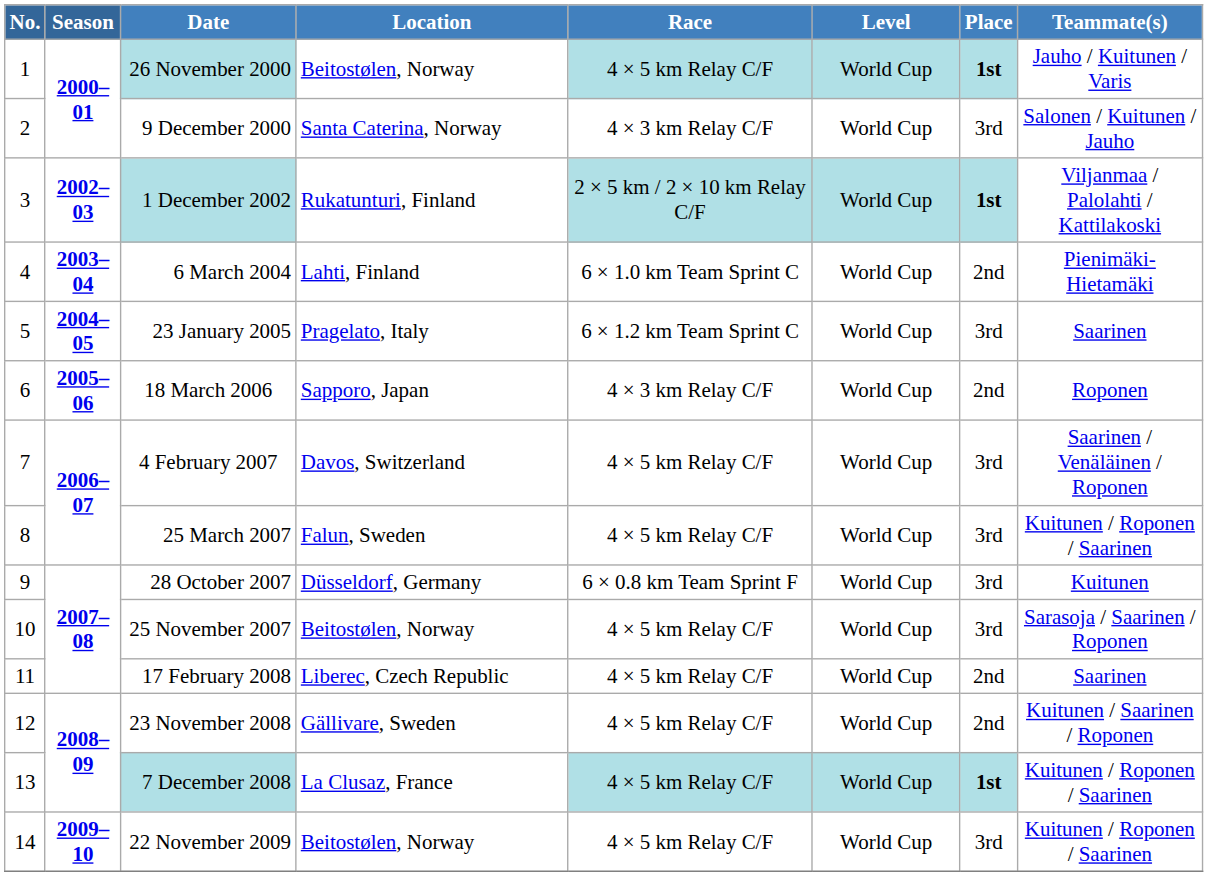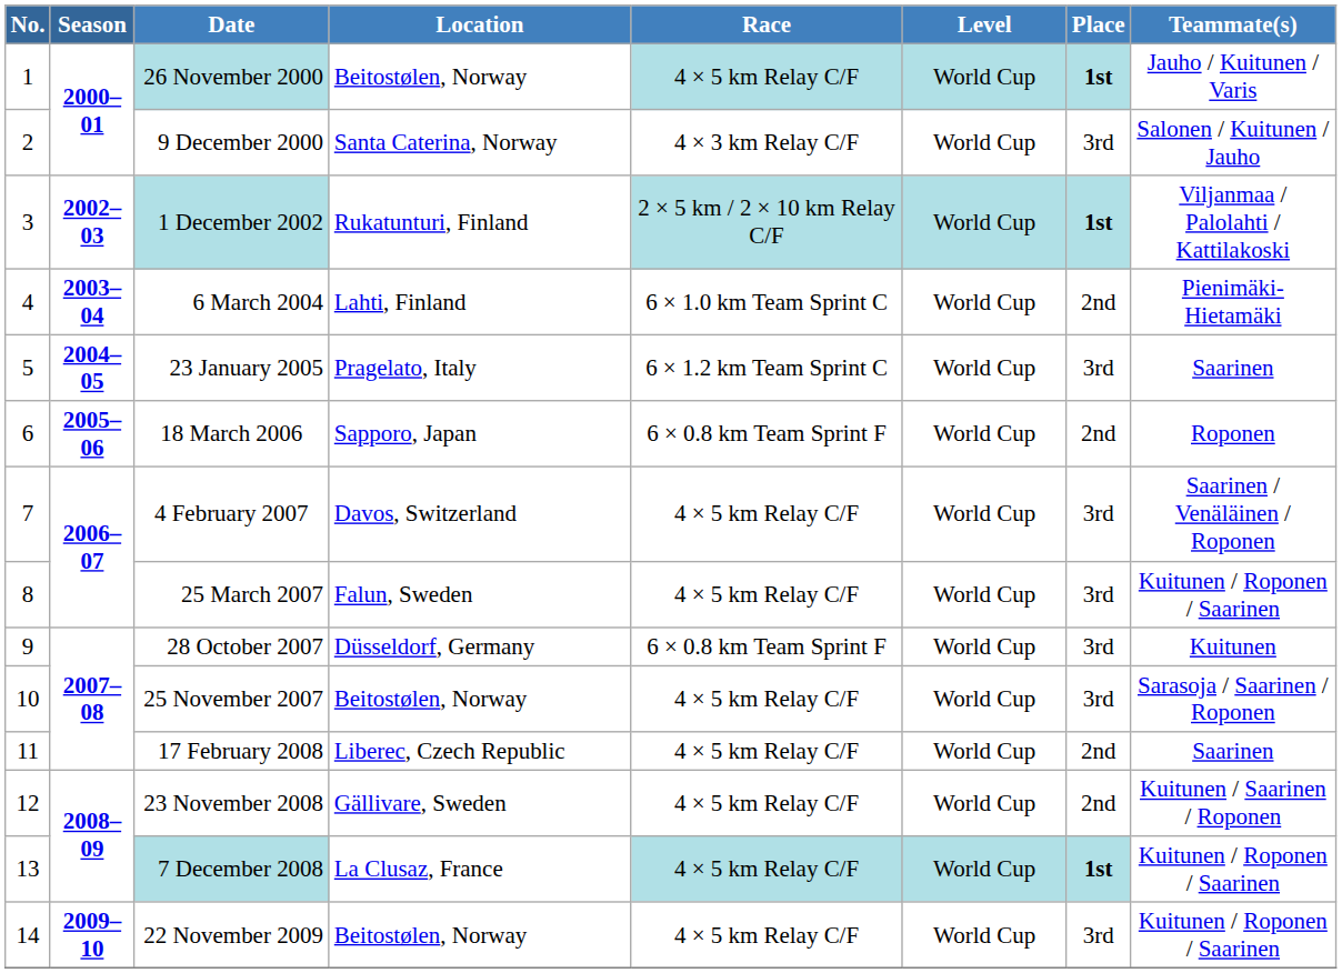 <table class="wikitable sortable" style="font-size:95%; text-align:center; border:grey solid 1px; border-collapse:collapse; background:#ffffff;">
 <tr style="background:#efefef;">
 <th style="background-color:#369; color:white;">No.</th>
 <th style="background-color:#369; color:white;">Season</th>
 <th style="background-color:#4180be; color:white; width:120px;">Date</th>
 <th style="background-color:#4180be; color:white; width:190px;">Location</th>
 <th style="background-color:#4180be; color:white; width:170px;">Race</th>
 <th style="background-color:#4180be; color:white; width:100px;">Level</th>
 <th style="background-color:#4180be; color:white;">Place</th>
 <th style="background-color:#4180be; color:white;">Teammate(s)</th>
 </tr>
 <tr>
 <td align=center>1</td>
 <td rowspan=2 align=center><strong><a href='#'>2000–01</a></strong></td>
 <td bgcolor="#BOEOE6" align=right>26 November 2000</td>
 <td align=left> <a href='#'>Beitostølen</a>, Norway</td>
 <td bgcolor="#BOEOE6">4 × 5 km Relay C/F</td>
 <td bgcolor="#BOEOE6">World Cup</td>
 <td bgcolor="#BOEOE6"><strong>1st</strong></td>
 <td><a href='#'>Jauho</a> / <a href='#'>Kuitunen</a> / <a href='#'>Varis</a></td>
 </tr>
 <tr>
 <td align=center>2</td>
 <td align=right>9 December 2000</td>
 <td align=left> <a href='#'>Santa Caterina</a>, Norway</td>
 <td>4 × 3 km Relay C/F</td>
 <td>World Cup</td>
 <td>3rd</td>
 <td><a href='#'>Salonen</a> / <a href='#'>Kuitunen</a> / <a href='#'>Jauho</a></td>
 </tr>
 <tr>
 <td align=center>3</td>
 <td rowspan=1 align=center><strong><a href='#'>2002–03</a></strong></td>
 <td bgcolor="#BOEOE6" align=right>1 December 2002</td>
 <td align=left> <a href='#'>Rukatunturi</a>, Finland</td>
 <td bgcolor="#BOEOE6">2 × 5 km / 2 × 10 km Relay C/F</td>
 <td bgcolor="#BOEOE6">World Cup</td>
 <td bgcolor="#BOEOE6"><strong>1st</strong></td>
 <td><a href='#'>Viljanmaa</a> / <a href='#'>Palolahti</a> / <a href='#'>Kattilakoski</a></td>
 </tr>
 <tr>
 <td align=center>4</td>
 <td rowspan=1 align=center><strong><a href='#'>2003–04</a></strong></td>
 <td align=right>6 March 2004</td>
 <td align=left> <a href='#'>Lahti</a>, Finland</td>
 <td>6 × 1.0 km Team Sprint C</td>
 <td>World Cup</td>
 <td>2nd</td>
 <td><a href='#'>Pienimäki-Hietamäki</a></td>
 </tr>
 <tr>
 <td align=center>5</td>
 <td rowspan=1 align=center><strong><a href='#'>2004–05</a></strong></td>
 <td align=right>23 January 2005</td>
 <td align=left> <a href='#'>Pragelato</a>, Italy</td>
 <td>6 × 1.2 km Team Sprint C</td>
 <td>World Cup</td>
 <td>3rd</td>
 <td><a href='#'>Saarinen</a></td>
 </tr>
 <tr>
 <td align=center>6</td>
 <td rowspan=1 align=center><strong><a href='#'>2005–06</a></strong></td>
 <td>18 March 2006</td>
 <td align=left> <a href='#'>Sapporo</a>, Japan</td>
-<td>4 × 3 km Relay C/F</td>
+<td>6 × 0.8 km Team Sprint F</td>
 <td>World Cup</td>
 <td>2nd</td>
 <td><a href='#'>Roponen</a></td>
 </tr>
 <tr>
 <td align=center>7</td>
 <td rowspan=2 align=center><strong><a href='#'>2006–07</a></strong></td>
 <td>4 February 2007</td>
 <td align=left> <a href='#'>Davos</a>, Switzerland</td>
 <td>4 × 5 km Relay C/F</td>
 <td>World Cup</td>
 <td>3rd</td>
 <td><a href='#'>Saarinen</a> / <a href='#'>Venäläinen</a> / <a href='#'>Roponen</a></td>
 </tr>
 <tr>
 <td align=center>8</td>
 <td align=right>25 March 2007</td>
 <td align=left> <a href='#'>Falun</a>, Sweden</td>
 <td>4 × 5 km Relay C/F</td>
 <td>World Cup</td>
 <td>3rd</td>
 <td><a href='#'>Kuitunen</a> / <a href='#'>Roponen</a> / <a href='#'>Saarinen</a></td>
 </tr>
 <tr>
 <td align=center>9</td>
 <td rowspan=3 align=center><strong><a href='#'>2007–08</a></strong></td>
 <td align=right>28 October 2007</td>
 <td align=left> <a href='#'>Düsseldorf</a>, Germany</td>
 <td>6 × 0.8 km Team Sprint F</td>
 <td>World Cup</td>
 <td>3rd</td>
 <td><a href='#'>Kuitunen</a></td>
 </tr>
 <tr>
 <td align=center>10</td>
 <td align=right>25 November 2007</td>
 <td align=left> <a href='#'>Beitostølen</a>, Norway</td>
 <td>4 × 5 km Relay C/F</td>
 <td>World Cup</td>
 <td>3rd</td>
 <td><a href='#'>Sarasoja</a> / <a href='#'>Saarinen</a> / <a href='#'>Roponen</a></td>
 </tr>
 <tr>
 <td align=center>11</td>
 <td align=right>17 February 2008</td>
 <td align=left> <a href='#'>Liberec</a>, Czech Republic</td>
 <td>4 × 5 km Relay C/F</td>
 <td>World Cup</td>
 <td>2nd</td>
 <td><a href='#'>Saarinen</a></td>
 </tr>
 <tr>
 <td align=center>12</td>
 <td rowspan=2 align=center><strong><a href='#'>2008–09</a></strong></td>
 <td align=right>23 November 2008</td>
 <td align=left> <a href='#'>Gällivare</a>, Sweden</td>
 <td>4 × 5 km Relay C/F</td>
 <td>World Cup</td>
 <td>2nd</td>
 <td><a href='#'>Kuitunen</a> / <a href='#'>Saarinen</a> / <a href='#'>Roponen</a></td>
 </tr>
 <tr>
 <td align=center>13</td>
 <td bgcolor="#BOEOE6" align=right>7 December 2008</td>
 <td align=left> <a href='#'>La Clusaz</a>, France</td>
 <td bgcolor="#BOEOE6">4 × 5 km Relay C/F</td>
 <td bgcolor="#BOEOE6">World Cup</td>
 <td bgcolor="#BOEOE6"><strong>1st</strong></td>
 <td><a href='#'>Kuitunen</a> / <a href='#'>Roponen</a> / <a href='#'>Saarinen</a></td>
 </tr>
 <tr>
 <td align=center>14</td>
 <td rowspan=1 align=center><strong><a href='#'>2009–10</a></strong></td>
 <td align=right>22 November 2009</td>
 <td align=left> <a href='#'>Beitostølen</a>, Norway</td>
 <td>4 × 5 km Relay C/F</td>
 <td>World Cup</td>
 <td>3rd</td>
 <td><a href='#'>Kuitunen</a> / <a href='#'>Roponen</a> / <a href='#'>Saarinen</a></td>
 </tr>
 <tr>
 </tr>
 </table>
